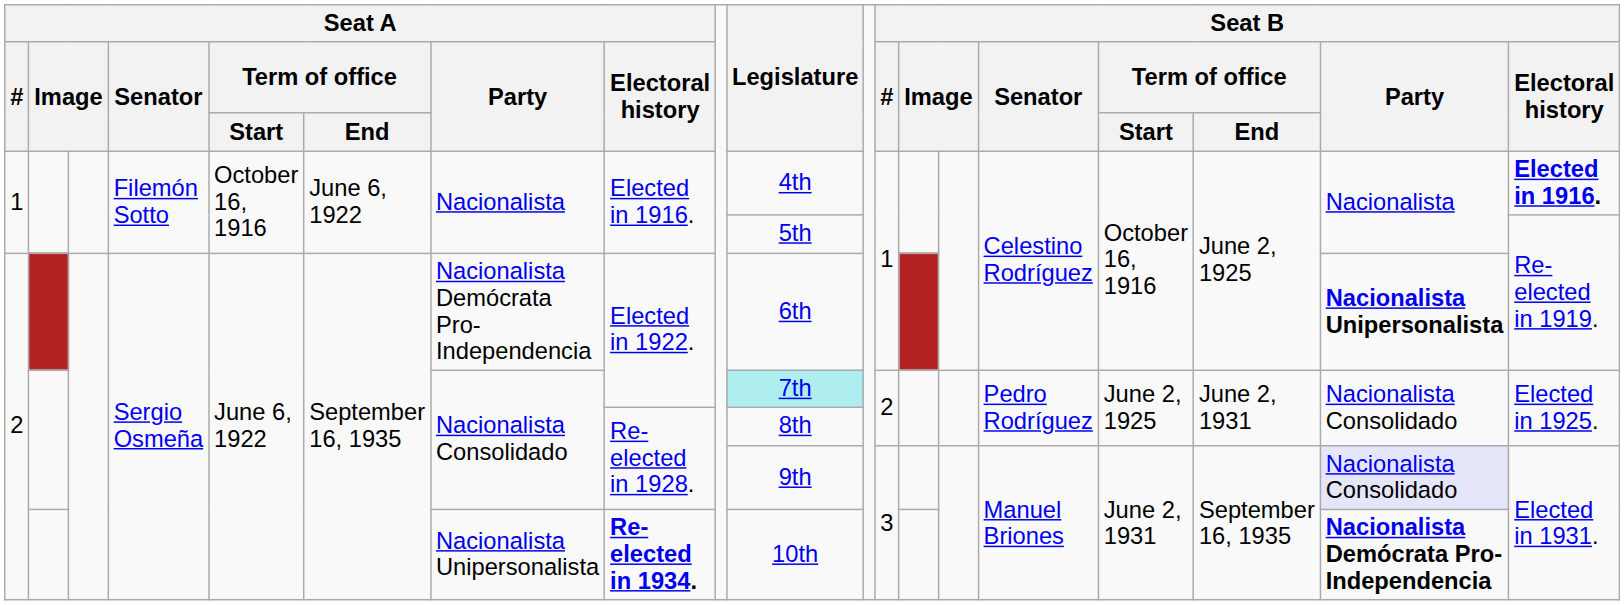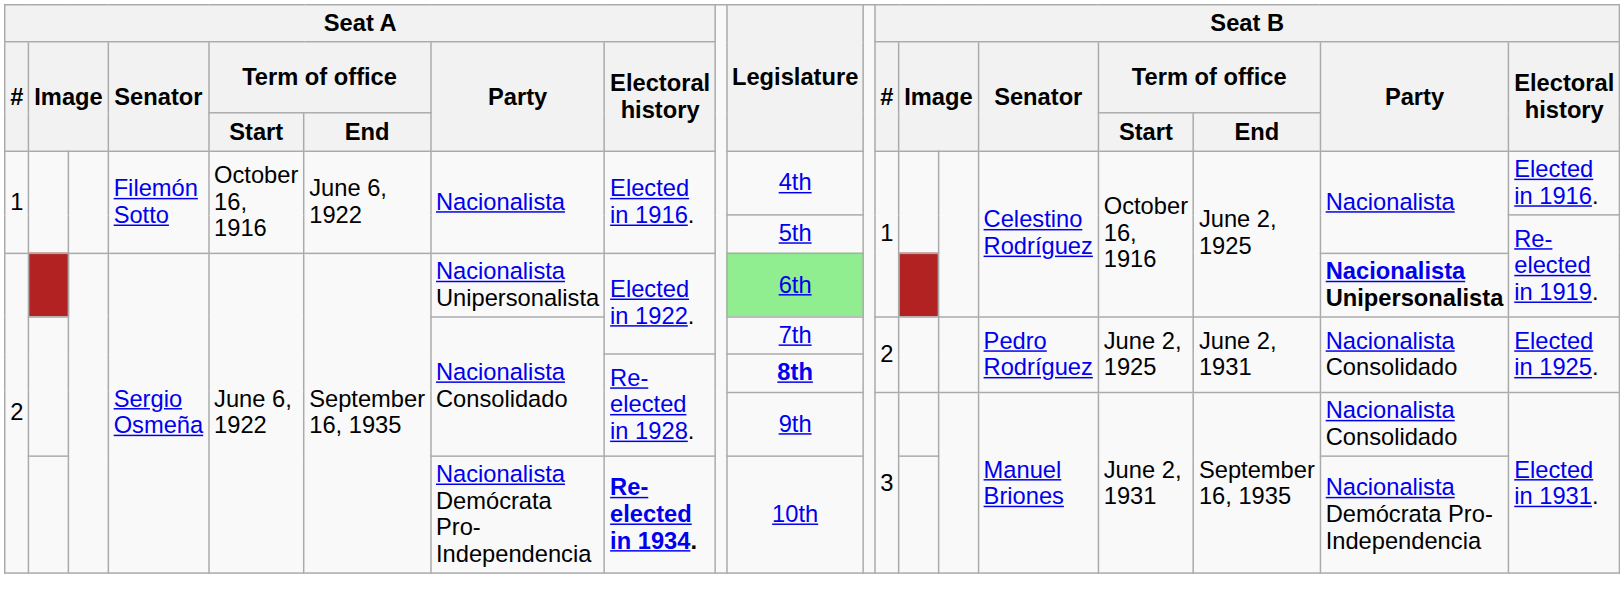 <table class="wikitable">
 <tr>
 <th colspan="8">Seat A</th>
 <td rowspan="99"></td>
 <th rowspan="3">Legislature</th>
 <td rowspan="99"></td>
 <th colspan="8">Seat B</th>
 </tr>
 <tr style="height:3em">
 <th rowspan="2">#</th>
 <th rowspan="2" colspan="2">Image</th>
 <th rowspan="2">Senator</th>
 <th colspan="2">Term of office</th>
 <th rowspan="2">Party</th>
 <th rowspan="2">Electoral history</th>
 <th rowspan="2">#</th>
 <th rowspan="2" colspan="2">Image</th>
 <th rowspan="2">Senator</th>
 <th colspan="2">Term of office</th>
 <th rowspan="2">Party</th>
 <th rowspan="2">Electoral history</th>
 </tr>
 <tr>
 <th>Start</th>
 <th>End</th>
 <th>Start</th>
 <th>End</th>
 </tr>
 <tr>
 <td rowspan="2" style="text-align:center;">1</td>
 <td rowspan="2" style="background:"></td>
 <td rowspan="2"></td>
 <td rowspan="2"><a href='#'>Filemón Sotto</a></td>
 <td rowspan="2">October 16, 1916</td>
 <td rowspan="2">June 6, 1922</td>
 <td rowspan="2"><a href='#'>Nacionalista</a></td>
 <td rowspan="2"><a href='#'>Elected in 1916</a>.</td>
 <td style="text-align:center;"><a href='#'>4th</a></td>
 <td rowspan="3" style="text-align:center;">1</td>
 <td rowspan="2" style="background:"></td>
 <td rowspan="3"></td>
 <td rowspan="3"><a href='#'>Celestino Rodríguez</a></td>
 <td rowspan="3">October 16, 1916</td>
 <td rowspan="3">June 2, 1925</td>
 <td rowspan="2"><a href='#'>Nacionalista</a></td>
-<td><strong><a href='#'>Elected in 1916</a>.</strong></td>
+<td><a href='#'>Elected in 1916</a>.</td>
 </tr>
 <tr>
 <td style="text-align:center;"><a href='#'>5th</a></td>
 <td rowspan="2"><a href='#'>Re-elected in 1919</a>.</td>
 </tr>
 <tr>
 <td rowspan="5" style="text-align:center;">2</td>
 <td style="background-color:#B22222"></td>
 <td rowspan="5"></td>
 <td rowspan="5"><a href='#'>Sergio Osmeña</a></td>
 <td rowspan="5">June 6, 1922</td>
 <td rowspan="5">September 16, 1935</td>
-<td><a href='#'>Nacionalista</a><br>Demócrata Pro-Independencia</td>
+<td><a href='#'>Nacionalista</a><br>Unipersonalista</td>
 <td rowspan="2"><a href='#'>Elected in 1922</a>.</td>
-<td style="text-align:center;"><a href='#'>6th</a></td>
+<td style="background: lightgreen; text-align:center;"><a href='#'>6th</a></td>
 <td style="background-color:#B22222"></td>
 <td><strong><a href='#'>Nacionalista</a><br>Unipersonalista</strong></td>
 </tr>
 <tr>
 <td rowspan="3" style="background:"></td>
 <td rowspan="3"><a href='#'>Nacionalista</a><br>Consolidado</td>
-<td style="background: paleturquoise; text-align:center;"><a href='#'>7th</a></td>
+<td style="text-align:center;"><a href='#'>7th</a></td>
 <td rowspan="2" style="text-align:center;">2</td>
 <td rowspan="2" style="background:"></td>
 <td rowspan="2"></td>
 <td rowspan="2"><a href='#'>Pedro Rodríguez</a></td>
 <td rowspan="2">June 2, 1925</td>
 <td rowspan="2">June 2, 1931</td>
 <td rowspan="2"><a href='#'>Nacionalista</a><br>Consolidado</td>
 <td rowspan="2"><a href='#'>Elected in 1925</a>.</td>
 </tr>
 <tr>
 <td rowspan="2"><a href='#'>Re-elected in 1928</a>.</td>
-<td style="text-align:center;"><a href='#'>8th</a></td>
+<td style="text-align:center;"><strong><a href='#'>8th</a></strong></td>
 </tr>
 <tr>
 <td style="text-align:center;"><a href='#'>9th</a></td>
 <td rowspan="2" style="text-align:center;">3</td>
 <td style="background:"></td>
 <td rowspan="2"></td>
 <td rowspan="2"><a href='#'>Manuel Briones</a></td>
 <td rowspan="2">June 2, 1931</td>
 <td rowspan="2">September 16, 1935</td>
-<td style="background: lavender;"><a href='#'>Nacionalista</a><br>Consolidado</td>
+<td><a href='#'>Nacionalista</a><br>Consolidado</td>
 <td rowspan="2"><a href='#'>Elected in 1931</a>.</td>
 </tr>
 <tr>
 <td style="background:"></td>
-<td><a href='#'>Nacionalista</a><br>Unipersonalista</td>
+<td><a href='#'>Nacionalista</a><br>Demócrata Pro-Independencia</td>
 <td><strong><a href='#'>Re-elected in 1934</a>.</strong></td>
 <td style="text-align:center;"><a href='#'>10th</a></td>
 <td style="background:"></td>
-<td><strong><a href='#'>Nacionalista</a><br>Demócrata Pro-Independencia</strong></td>
+<td><a href='#'>Nacionalista</a><br>Demócrata Pro-Independencia</td>
 </tr>
 </table>
